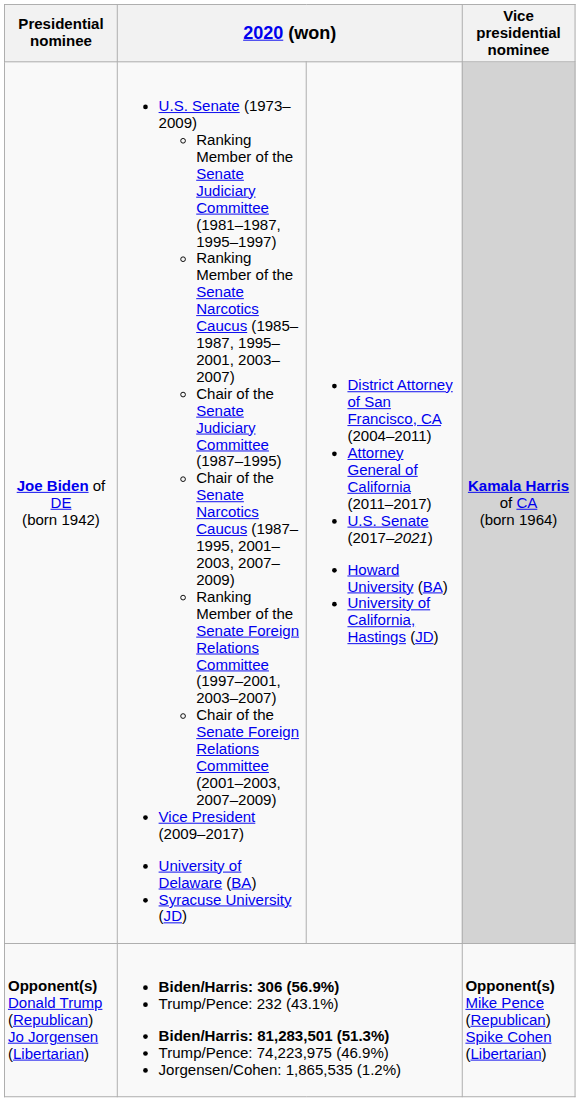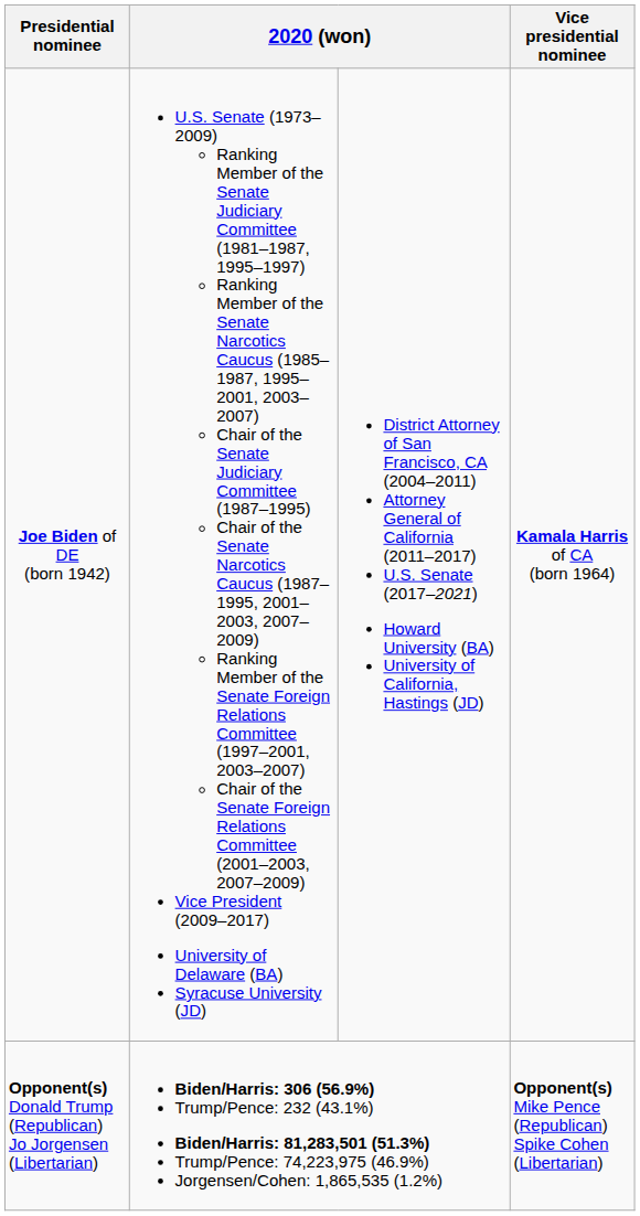 <table class="wikitable">
 <tr>
 <th width=190>Presidential<br>nominee</th>
 <th colspan=2><big><a href='#'>2020</a> (won)</big></th>
 <th width=190>Vice presidential<br>nominee</th>
 </tr>
 <tr>
 <td style="text-align:center;"><strong><a href='#'>Joe Biden</a></strong> of <a href='#'>DE</a><br>(born 1942)<br></td>
 <td width=350><br><ul><li><a href='#'>U.S. Senate</a> (1973–2009)<ul><li>Ranking Member of the <a href='#'>Senate Judiciary Committee</a> (1981–1987, 1995–1997)</li><li>Ranking Member of the <a href='#'>Senate Narcotics Caucus</a> (1985–1987, 1995–2001, 2003–2007)</li><li>Chair of the <a href='#'>Senate Judiciary Committee</a> (1987–1995)</li><li>Chair of the <a href='#'>Senate Narcotics Caucus</a> (1987–1995, 2001–2003, 2007–2009)</li><li>Ranking Member of the <a href='#'>Senate Foreign Relations Committee</a> (1997–2001, 2003–2007)</li><li>Chair of the <a href='#'>Senate Foreign Relations Committee</a> (2001–2003, 2007–2009)</li></ul></li><li><a href='#'>Vice President</a> (2009–2017)</li></ul><ul><li><a href='#'>University of Delaware</a> (<a href='#'>BA</a>)</li><li><a href='#'>Syracuse University</a> (<a href='#'>JD</a>)</li></ul></td>
 <td width=350><br><ul><li><a href='#'>District Attorney of San Francisco, CA</a> (2004–2011)</li><li><a href='#'>Attorney General of California</a> (2011–2017)</li><li><a href='#'>U.S. Senate</a> (2017–<em>2021</em>)</li></ul><ul><li><a href='#'>Howard University</a> (<a href='#'>BA</a>)</li><li><a href='#'>University of California, Hastings</a> (<a href='#'>JD</a>)</li></ul></td>
-<td style="background: lightgrey; text-align:center;"><strong><a href='#'>Kamala Harris</a></strong> of <a href='#'>CA</a><br>(born 1964)<br></td>
+<td style="text-align:center;"><strong><a href='#'>Kamala Harris</a></strong> of <a href='#'>CA</a><br>(born 1964)<br></td>
 </tr>
 <tr>
 <td><strong>Opponent(s)</strong><br><a href='#'>Donald Trump</a> (<a href='#'>Republican</a>)<br><a href='#'>Jo Jorgensen</a> (<a href='#'>Libertarian</a>)</td>
 <td colspan=2><br><ul><li><strong>Biden/Harris: 306 (56.9%)</strong></li><li>Trump/Pence: 232 (43.1%)</li></ul><ul><li><strong>Biden/Harris: 81,283,501 (51.3%)</strong></li><li>Trump/Pence: 74,223,975 (46.9%)</li><li>Jorgensen/Cohen: 1,865,535 (1.2%)</li></ul></td>
 <td><strong>Opponent(s)</strong><br><a href='#'>Mike Pence</a> (<a href='#'>Republican</a>)<br><a href='#'>Spike Cohen</a> (<a href='#'>Libertarian</a>)</td>
 </tr>
 </table>
